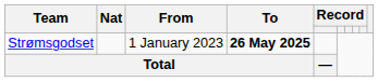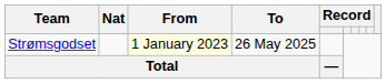 <table class="wikitable" style="text-align: center">
 <tr>
 <th rowspan="2">Team</th>
 <th rowspan="2">Nat</th>
 <th rowspan="2">From</th>
 <th rowspan="2">To</th>
 <th colspan="5">Record</th>
 <th rowspan="2"></th>
 </tr>
 <tr>
 <th></th>
 <th></th>
 <th></th>
 <th></th>
 <th></th>
 </tr>
 <tr>
 <td align=left><a href='#'>Strømsgodset</a></td>
 <td></td>
-<td align=left>1 January 2023</td>
-<td align=left><strong>26 May 2025<br></strong></td>
+<td align=left style="background: lightyellow;">1 January 2023</td>
+<td align=left>26 May 2025<br></td>
 <td></td>
 </tr>
 <tr>
 <th colspan="4">Total<br></th>
 <th>—</th>
 </tr>
 </table>
